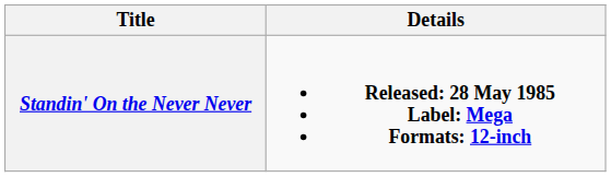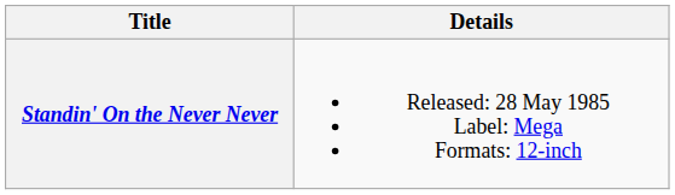 <table class="wikitable plainrowheaders" style="text-align:center;" border="1">
 <tr>
 <th scope="col" style="width:13em;">Title</th>
 <th scope="col" style="width:17em;">Details</th>
 </tr>
 <tr>
 <th scope="row"><em><a href='#'>Standin' On the Never Never</a></em></th>
-<td><strong><br><ul><li>Released: 28 May 1985</li><li>Label: <a href='#'>Mega</a></li><li>Formats: <a href='#'>12-inch</a></li></ul></strong></td>
+<td><br><ul><li>Released: 28 May 1985</li><li>Label: <a href='#'>Mega</a></li><li>Formats: <a href='#'>12-inch</a></li></ul></td>
 </tr>
 </table>
